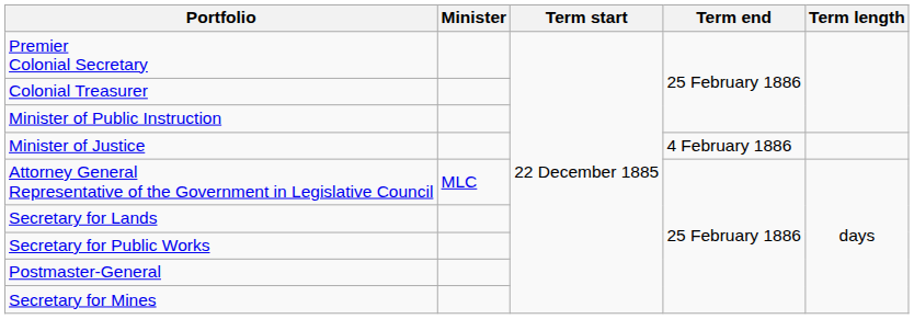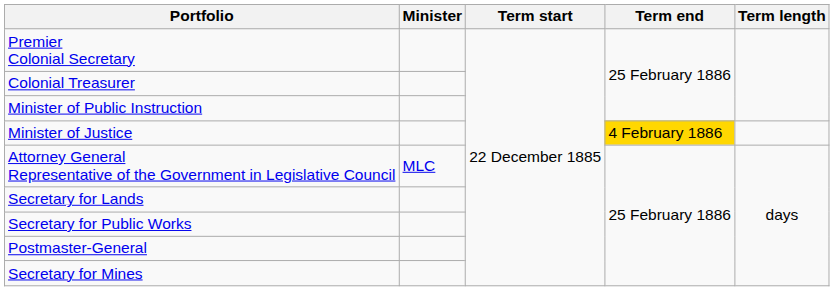 <table class="wikitable sortable">
 <tr>
 <th>Portfolio</th>
 <th>Minister</th>
 <th>Term start</th>
 <th>Term end</th>
 <th>Term length</th>
 </tr>
 <tr>
 <td><a href='#'>Premier</a><br><a href='#'>Colonial Secretary</a></td>
 <td></td>
 <td rowspan="9" align="center">22 December 1885</td>
 <td rowspan="3" align="center">25 February 1886</td>
 <td rowspan="3" align="center"></td>
 </tr>
 <tr>
 <td><a href='#'>Colonial Treasurer</a></td>
 <td></td>
 </tr>
 <tr>
 <td><a href='#'>Minister of Public Instruction</a></td>
 <td></td>
 </tr>
 <tr>
 <td><a href='#'>Minister of Justice</a></td>
 <td></td>
-<td>4 February 1886</td>
+<td style="background: gold;">4 February 1886</td>
 <td align="center"></td>
 </tr>
 <tr>
 <td><a href='#'>Attorney General</a><br><a href='#'>Representative of the Government in Legislative Council</a></td>
 <td> <a href='#'>MLC</a></td>
 <td rowspan="5" align="center">25 February 1886</td>
 <td rowspan="5" align="center"> days</td>
 </tr>
 <tr>
 <td><a href='#'>Secretary for Lands</a></td>
 <td></td>
 </tr>
 <tr>
 <td><a href='#'>Secretary for Public Works</a></td>
 <td></td>
 </tr>
 <tr>
 <td><a href='#'>Postmaster-General</a></td>
 <td></td>
 </tr>
 <tr>
 <td><a href='#'>Secretary for Mines</a></td>
 <td></td>
 </tr>
 </table>
